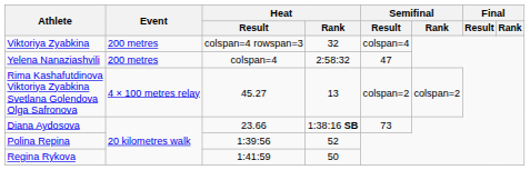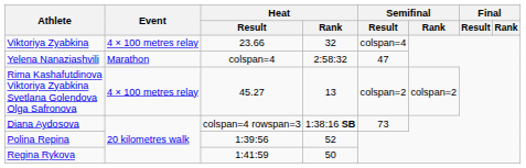 <table class="wikitable" style="font-size:90%">
 <tr>
 <th rowspan="2">Athlete</th>
 <th rowspan="2">Event</th>
 <th colspan="2">Heat</th>
 <th colspan="2">Semifinal</th>
 <th colspan="2">Final</th>
 </tr>
 <tr style="font-size:95%">
 <th>Result</th>
 <th>Rank</th>
 <th>Result</th>
 <th>Rank</th>
 <th>Result</th>
 <th>Rank</th>
 </tr>
 <tr style=text-align:center>
 <td style=text-align:left><a href='#'>Viktoriya Zyabkina</a></td>
-<td style=text-align:left><a href='#'>200 metres</a></td>
-<td>colspan=4 rowspan=3 </td>
+<td style=text-align:left><a href='#'>4 × 100 metres relay</a></td>
+<td>23.66</td>
 <td>32</td>
 <td>colspan=4 </td>
 </tr>
 <tr style=text-align:center>
 <td style=text-align:left><a href='#'>Yelena Nanaziashvili</a></td>
-<td style=text-align:left><a href='#'>200 metres</a></td>
+<td style=text-align:left><a href='#'>Marathon</a></td>
 <td>colspan=4 </td>
 <td>2:58:32</td>
 <td>47</td>
 </tr>
 <tr style=text-align:center>
 <td style=text-align:left><a href='#'>Rima Kashafutdinova</a><br><a href='#'>Viktoriya Zyabkina</a><br><a href='#'>Svetlana Golendova</a><br><a href='#'>Olga Safronova</a></td>
 <td style=text-align:left><a href='#'>4 × 100 metres relay</a></td>
 <td>45.27</td>
 <td>13</td>
 <td>colspan=2 </td>
 <td>colspan=2 </td>
 </tr>
 <tr style=text-align:center>
 <td style=text-align:left><a href='#'>Diana Aydosova</a></td>
 <td style=text-align:left rowspan=3><a href='#'>20 kilometres walk</a></td>
-<td>23.66</td>
+<td>colspan=4 rowspan=3 </td>
 <td>1:38:16 <strong>SB</strong></td>
 <td>73</td>
 </tr>
 <tr style=text-align:center>
 <td style=text-align:left><a href='#'>Polina Repina</a></td>
 <td>1:39:56</td>
 <td>52</td>
 </tr>
 <tr style=text-align:center>
 <td style=text-align:left><a href='#'>Regina Rykova</a></td>
 <td>1:41:59</td>
 <td>50</td>
 </tr>
 </table>
